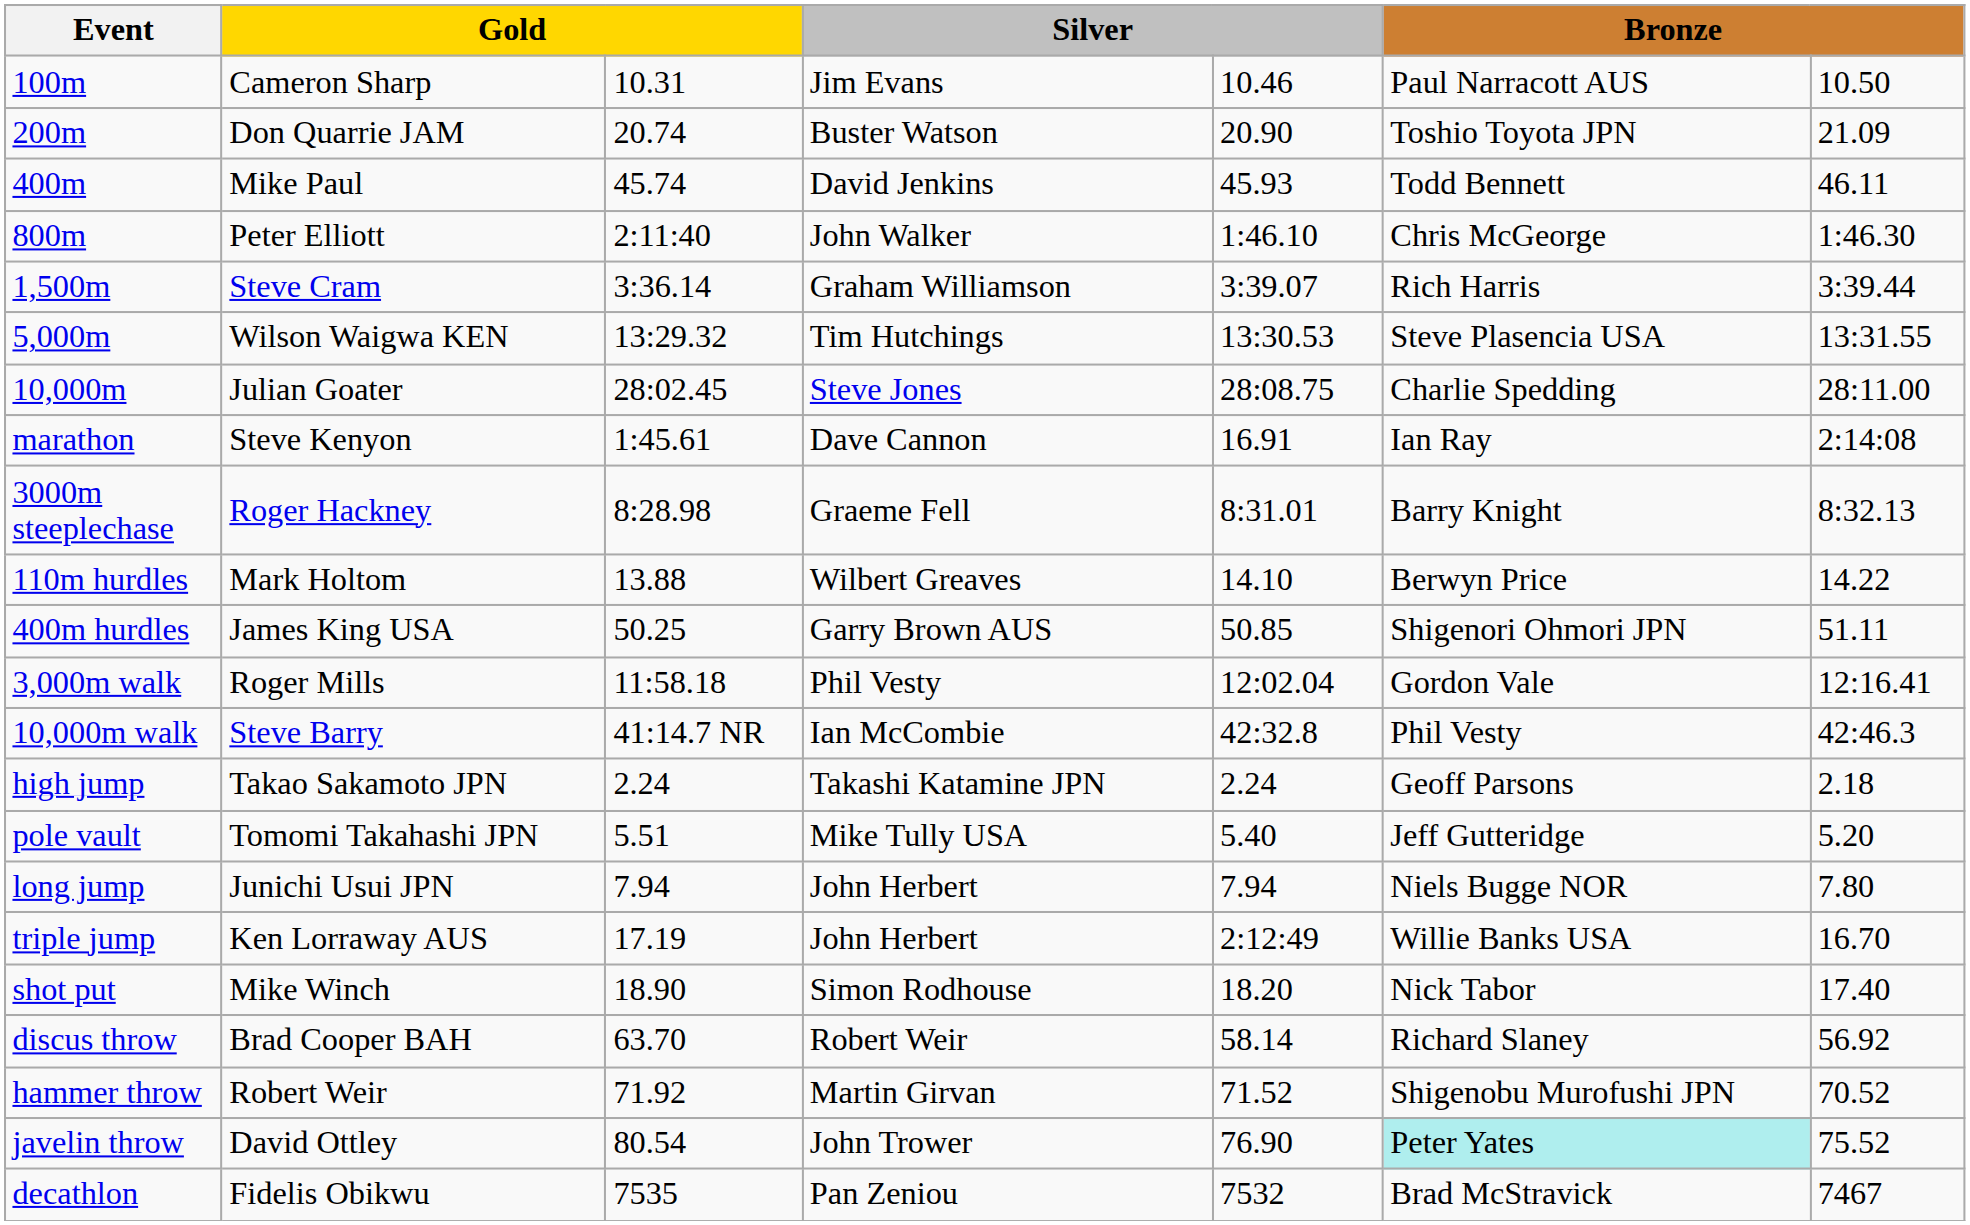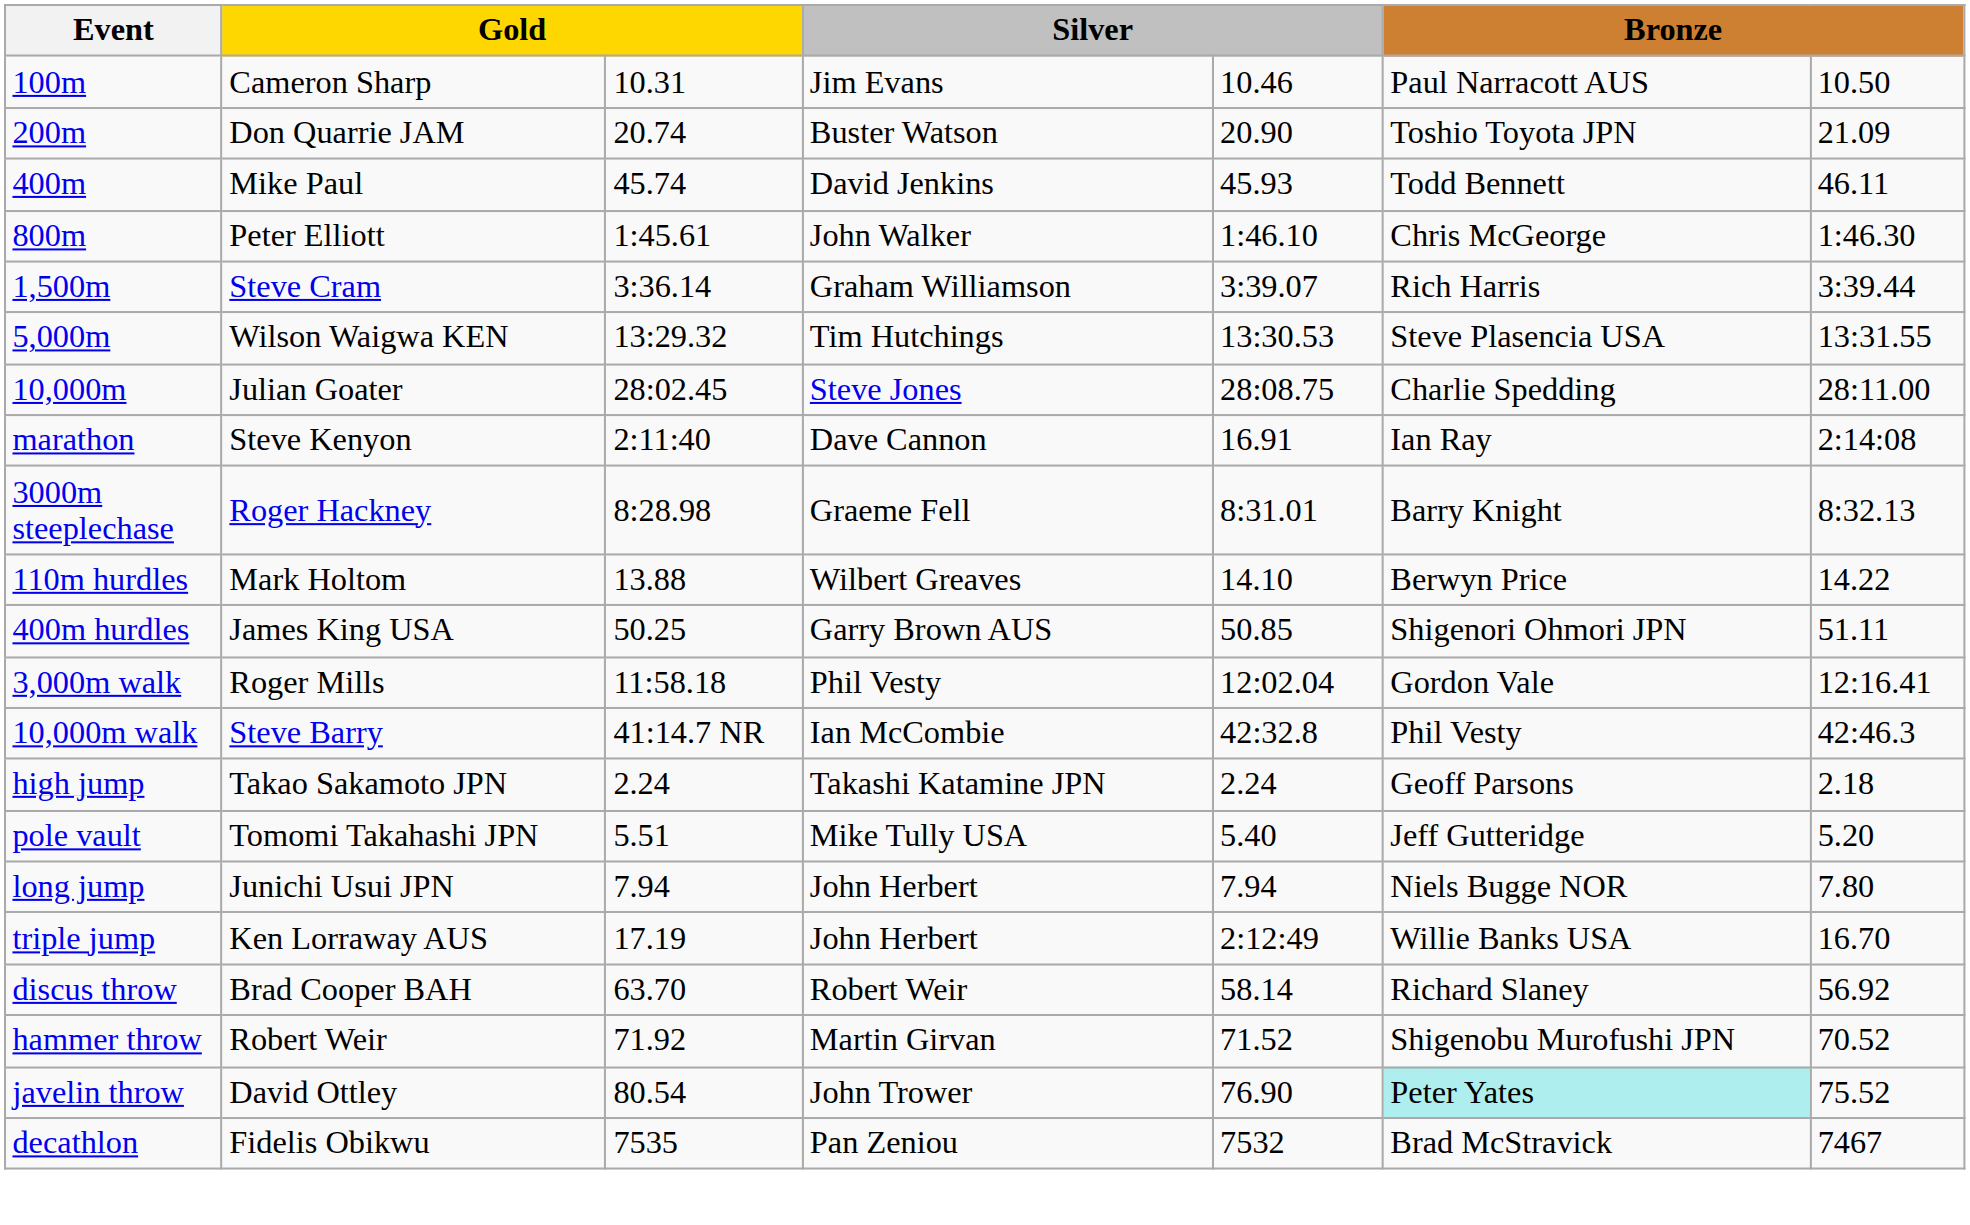 <table class="wikitable" style="text-align:left">
 <tr>
 <th width=100>Event</th>
 <th colspan="2" width="280" style="background:gold;">Gold</th>
 <th colspan="2" width="280" style="background:silver;">Silver</th>
 <th colspan="2" width="280" style="background:#CD7F32;">Bronze</th>
 </tr>
 <tr>
 <td><a href='#'>100m</a></td>
 <td> Cameron Sharp</td>
 <td>10.31</td>
 <td>Jim Evans</td>
 <td>10.46</td>
 <td>Paul Narracott AUS</td>
 <td>10.50</td>
 </tr>
 <tr>
 <td><a href='#'>200m</a></td>
 <td>Don Quarrie JAM</td>
 <td>20.74</td>
 <td>Buster Watson</td>
 <td>20.90</td>
 <td>Toshio Toyota JPN</td>
 <td>21.09</td>
 </tr>
 <tr>
 <td><a href='#'>400m</a></td>
 <td> Mike Paul</td>
 <td>45.74</td>
 <td> David Jenkins</td>
 <td>45.93</td>
 <td>Todd Bennett</td>
 <td>46.11</td>
 </tr>
 <tr>
 <td><a href='#'>800m</a></td>
 <td>Peter Elliott</td>
-<td>2:11:40</td>
+<td>1:45.61</td>
 <td> John Walker</td>
 <td>1:46.10</td>
 <td>Chris McGeorge</td>
 <td>1:46.30</td>
 </tr>
 <tr>
 <td><a href='#'>1,500m</a></td>
 <td><a href='#'>Steve Cram</a></td>
 <td>3:36.14</td>
 <td>Graham Williamson</td>
 <td>3:39.07</td>
 <td> Rich Harris</td>
 <td>3:39.44</td>
 </tr>
 <tr>
 <td><a href='#'>5,000m</a></td>
 <td>Wilson Waigwa KEN</td>
 <td>13:29.32</td>
 <td>Tim Hutchings</td>
 <td>13:30.53</td>
 <td>Steve Plasencia USA</td>
 <td>13:31.55</td>
 </tr>
 <tr>
 <td><a href='#'>10,000m</a></td>
 <td>Julian Goater</td>
 <td>28:02.45</td>
 <td> <a href='#'>Steve Jones</a></td>
 <td>28:08.75</td>
 <td>Charlie Spedding</td>
 <td>28:11.00</td>
 </tr>
 <tr>
 <td><a href='#'>marathon</a></td>
 <td>Steve Kenyon</td>
-<td>1:45.61</td>
+<td>2:11:40</td>
 <td>Dave Cannon</td>
 <td>16.91</td>
 <td>Ian Ray</td>
 <td>2:14:08</td>
 </tr>
 <tr>
 <td><a href='#'>3000m steeplechase</a></td>
 <td> <a href='#'>Roger Hackney</a></td>
 <td>8:28.98</td>
 <td>Graeme Fell</td>
 <td>8:31.01</td>
 <td>Barry Knight</td>
 <td>8:32.13</td>
 </tr>
 <tr>
 <td><a href='#'>110m hurdles</a></td>
 <td>Mark Holtom</td>
 <td>13.88</td>
 <td>Wilbert Greaves</td>
 <td>14.10</td>
 <td>Berwyn Price</td>
 <td>14.22</td>
 </tr>
 <tr>
 <td><a href='#'>400m hurdles</a></td>
 <td>James King USA</td>
 <td>50.25</td>
 <td>Garry Brown AUS</td>
 <td>50.85</td>
 <td>Shigenori Ohmori JPN</td>
 <td>51.11</td>
 </tr>
 <tr>
 <td><a href='#'>3,000m walk</a></td>
 <td>Roger Mills</td>
 <td>11:58.18</td>
 <td>Phil Vesty</td>
 <td>12:02.04</td>
 <td>Gordon Vale</td>
 <td>12:16.41</td>
 </tr>
 <tr>
 <td><a href='#'>10,000m walk</a></td>
 <td> <a href='#'>Steve Barry</a></td>
 <td>41:14.7 NR</td>
 <td>Ian McCombie</td>
 <td>42:32.8</td>
 <td>Phil Vesty</td>
 <td>42:46.3</td>
 </tr>
 <tr>
 <td><a href='#'>high jump</a></td>
 <td>Takao Sakamoto JPN</td>
 <td>2.24</td>
 <td>Takashi Katamine JPN</td>
 <td>2.24</td>
 <td> Geoff Parsons</td>
 <td>2.18</td>
 </tr>
 <tr>
 <td><a href='#'>pole vault</a></td>
 <td>Tomomi Takahashi JPN</td>
 <td>5.51</td>
 <td>Mike Tully USA</td>
 <td>5.40</td>
 <td>Jeff Gutteridge</td>
 <td>5.20</td>
 </tr>
 <tr>
 <td><a href='#'>long jump</a></td>
 <td>Junichi Usui JPN</td>
 <td>7.94</td>
 <td>John Herbert</td>
 <td>7.94</td>
 <td>Niels Bugge NOR</td>
 <td>7.80</td>
 </tr>
 <tr>
 <td><a href='#'>triple jump</a></td>
 <td>Ken Lorraway AUS</td>
 <td>17.19</td>
 <td>John Herbert</td>
 <td>2:12:49</td>
 <td>Willie Banks USA</td>
 <td>16.70</td>
 </tr>
 <tr>
-<td><a href='#'>shot put</a></td>
-<td>Mike Winch</td>
-<td>18.90</td>
-<td>Simon Rodhouse</td>
-<td>18.20</td>
-<td>Nick Tabor</td>
-<td>17.40</td>
-</tr>
-<tr>
 <td><a href='#'>discus throw</a></td>
 <td>Brad Cooper BAH</td>
 <td>63.70</td>
 <td>Robert Weir</td>
 <td>58.14</td>
 <td>Richard Slaney</td>
 <td>56.92</td>
 </tr>
 <tr>
 <td><a href='#'>hammer throw</a></td>
 <td>Robert Weir</td>
 <td>71.92</td>
 <td>Martin Girvan</td>
 <td>71.52</td>
 <td>Shigenobu Murofushi JPN</td>
 <td>70.52</td>
 </tr>
 <tr>
 <td><a href='#'>javelin throw</a></td>
 <td>David Ottley</td>
 <td>80.54</td>
 <td>John Trower</td>
 <td>76.90</td>
 <td style="background: paleturquoise;">Peter Yates</td>
 <td>75.52</td>
 </tr>
 <tr>
 <td><a href='#'>decathlon</a></td>
 <td>Fidelis Obikwu</td>
 <td>7535</td>
 <td>Pan Zeniou</td>
 <td>7532</td>
 <td> Brad McStravick</td>
 <td>7467</td>
 </tr>
 </table>
